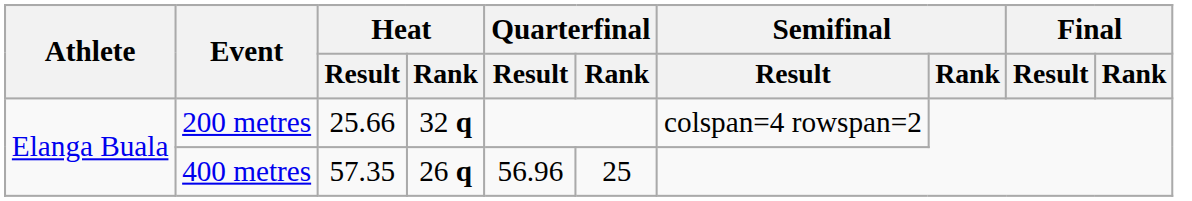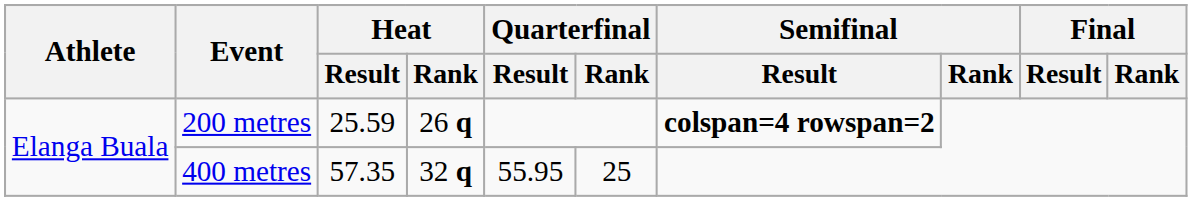 <table class=wikitable style=font-size:90%>
 <tr>
 <th rowspan=2>Athlete</th>
 <th rowspan=2>Event</th>
 <th colspan=2>Heat</th>
 <th colspan=2>Quarterfinal</th>
 <th colspan=2>Semifinal</th>
 <th colspan=2>Final</th>
 </tr>
 <tr style=font-size:95%>
 <th>Result</th>
 <th>Rank</th>
 <th>Result</th>
 <th>Rank</th>
 <th>Result</th>
 <th>Rank</th>
 <th>Result</th>
 <th>Rank</th>
 </tr>
 <tr align=center>
 <td align=left rowspan=2><a href='#'>Elanga Buala</a></td>
 <td align=left><a href='#'>200 metres</a></td>
-<td>25.66</td>
-<td>32 <strong>q</strong></td>
+<td>25.59</td>
+<td>26 <strong>q</strong></td>
 <td colspan=2></td>
-<td>colspan=4 rowspan=2 </td>
+<td><strong>colspan=4 rowspan=2 </strong></td>
 </tr>
 <tr align=center>
 <td align=left><a href='#'>400 metres</a></td>
 <td>57.35</td>
-<td>26 <strong>q</strong></td>
-<td>56.96</td>
+<td>32 <strong>q</strong></td>
+<td>55.95</td>
 <td>25</td>
 </tr>
 </table>
